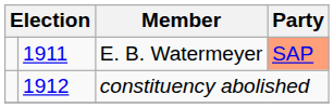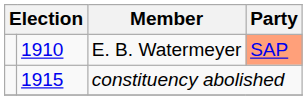 <table class="wikitable">
 <tr>
 <th colspan="2">Election</th>
 <th>Member</th>
 <th>Party</th>
 </tr>
 <tr>
 <td style="background-color: "></td>
-<td><a href='#'>1911</a></td>
+<td><a href='#'>1910</a></td>
 <td>E. B. Watermeyer</td>
 <td style="background: lightsalmon;"><a href='#'>SAP</a></td>
 </tr>
 <tr>
 <td style="background-color: "></td>
-<td><a href='#'>1912</a></td>
+<td><a href='#'>1915</a></td>
 <td colspan="2"><em>constituency abolished</em></td>
 </tr>
 <tr>
 </tr>
 </table>
